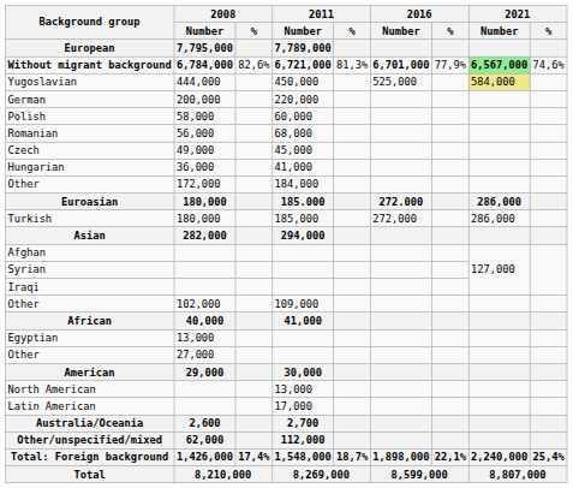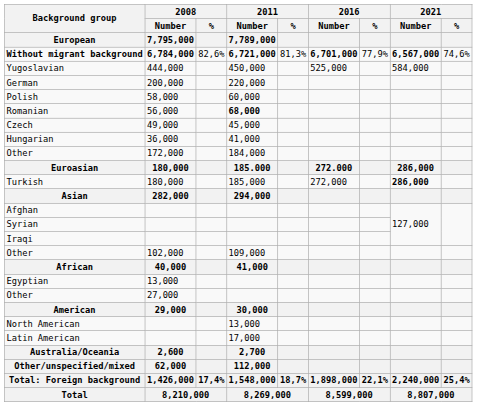 <table class="wikitable">
 <tr>
 <th rowspan="2">Background group</th>
 <th colspan="2">2008</th>
 <th colspan="2">2011</th>
 <th colspan="2">2016</th>
 <th colspan="2">2021</th>
 </tr>
 <tr>
 <th>Number</th>
 <th>%</th>
 <th>Number</th>
 <th>%</th>
 <th>Number</th>
 <th>%</th>
 <th>Number</th>
 <th>%</th>
 </tr>
 <tr>
 <th>European</th>
 <th>7,795,000</th>
 <th></th>
 <th>7,789,000</th>
 <th></th>
 <th></th>
 <th></th>
 <th></th>
 <th></th>
 </tr>
 <tr>
 <td><strong>Without migrant background</strong></td>
 <td><strong>6,784,000</strong></td>
 <td>82,6%</td>
 <td><strong>6,721,000</strong></td>
 <td>81,3%</td>
 <td><strong>6,701,000</strong></td>
 <td>77,9%</td>
-<td style="background: lightgreen;"><strong>6,567,000</strong></td>
+<td><strong>6,567,000</strong></td>
 <td>74,6%</td>
 </tr>
 <tr>
 <td> Yugoslavian</td>
 <td>444,000</td>
 <td></td>
 <td>450,000</td>
 <td></td>
 <td>525,000</td>
 <td></td>
-<td style="background: khaki;">584,000</td>
+<td>584,000</td>
 <td></td>
 </tr>
 <tr>
 <td> German</td>
 <td>200,000</td>
 <td></td>
 <td>220,000</td>
 <td></td>
 <td></td>
 <td></td>
 <td></td>
 <td></td>
 </tr>
 <tr>
 <td> Polish</td>
 <td>58,000</td>
 <td></td>
 <td>60,000</td>
 <td></td>
 <td></td>
 <td></td>
 <td></td>
 <td></td>
 </tr>
 <tr>
 <td> Romanian</td>
 <td>56,000</td>
 <td></td>
-<td>68,000</td>
+<td><strong>68,000</strong></td>
 <td></td>
 <td></td>
 <td></td>
 <td></td>
 <td></td>
 </tr>
 <tr>
 <td> Czech</td>
 <td>49,000</td>
 <td></td>
 <td>45,000</td>
 <td></td>
 <td></td>
 <td></td>
 <td></td>
 <td></td>
 </tr>
 <tr>
 <td> Hungarian</td>
 <td>36,000</td>
 <td></td>
 <td>41,000</td>
 <td></td>
 <td></td>
 <td></td>
 <td></td>
 <td></td>
 </tr>
 <tr>
 <td>Other</td>
 <td>172,000</td>
 <td></td>
 <td>184,000</td>
 <td></td>
 <td></td>
 <td></td>
 <td></td>
 <td></td>
 </tr>
 <tr>
 <th>Euroasian</th>
 <th>180,000</th>
 <th></th>
 <th>185.000</th>
 <th></th>
 <th>272.000</th>
 <th></th>
 <th>286,000</th>
 <th></th>
 </tr>
 <tr>
 <td> Turkish</td>
 <td>180,000</td>
 <td></td>
 <td>185,000</td>
 <td></td>
 <td>272,000</td>
 <td></td>
-<td>286,000</td>
+<td><strong>286,000</strong></td>
 <td></td>
 </tr>
 <tr>
 <th>Asian</th>
 <th>282,000</th>
 <th></th>
 <th>294,000</th>
 <th></th>
 <th></th>
 <th></th>
 <th></th>
 <th></th>
 </tr>
 <tr>
 <td> Afghan</td>
 <td></td>
 <td></td>
 <td></td>
 <td></td>
 <td></td>
 <td></td>
 <td rowspan="3">127,000</td>
 <td rowspan="3"></td>
 </tr>
 <tr>
 <td> Syrian</td>
 <td></td>
 <td></td>
 <td></td>
 <td></td>
 <td></td>
 <td></td>
 </tr>
 <tr>
 <td> Iraqi</td>
 <td></td>
 <td></td>
 <td></td>
 <td></td>
 <td></td>
 <td></td>
 </tr>
 <tr>
 <td>Other</td>
 <td>102,000</td>
 <td></td>
 <td>109,000</td>
 <td></td>
 <td></td>
 <td></td>
 <td></td>
 <td></td>
 </tr>
 <tr>
 <th>African</th>
 <th>40,000</th>
 <th></th>
 <th>41,000</th>
 <th></th>
 <th></th>
 <th></th>
 <th></th>
 <th></th>
 </tr>
 <tr>
 <td> Egyptian</td>
 <td>13,000</td>
 <td></td>
 <td></td>
 <td></td>
 <td></td>
 <td></td>
 <td></td>
 <td></td>
 </tr>
 <tr>
 <td>Other</td>
 <td>27,000</td>
 <td></td>
 <td></td>
 <td></td>
 <td></td>
 <td></td>
 <td></td>
 <td></td>
 </tr>
 <tr>
 <th>American</th>
 <th>29,000</th>
 <th></th>
 <th>30,000</th>
 <th></th>
 <th></th>
 <th></th>
 <th></th>
 <th></th>
 </tr>
 <tr>
 <td>North American</td>
 <td></td>
 <td></td>
 <td>13,000</td>
 <td></td>
 <td></td>
 <td></td>
 <td></td>
 <td></td>
 </tr>
 <tr>
 <td>Latin American</td>
 <td></td>
 <td></td>
 <td>17,000</td>
 <td></td>
 <td></td>
 <td></td>
 <td></td>
 <td></td>
 </tr>
 <tr>
 <th>Australia/Oceania</th>
 <th>2,600</th>
 <th></th>
 <th>2,700</th>
 <th></th>
 <th></th>
 <th></th>
 <th></th>
 <th></th>
 </tr>
 <tr>
 <th>Other/unspecified/mixed</th>
 <th>62,000</th>
 <th></th>
 <th>112,000</th>
 <th></th>
 <th></th>
 <th></th>
 <th></th>
 <th></th>
 </tr>
 <tr>
 <th>Total: Foreign background</th>
 <th>1,426,000</th>
 <th>17,4%</th>
 <th>1,548,000</th>
 <th>18,7%</th>
 <th>1,898,000</th>
 <th>22,1%</th>
 <th>2,240,000</th>
 <th>25,4%</th>
 </tr>
 <tr>
 <th>Total</th>
 <th colspan="2">8,210,000</th>
 <th colspan="2">8,269,000</th>
 <th colspan="2">8,599,000</th>
 <th colspan="2">8,807,000</th>
 </tr>
 </table>
